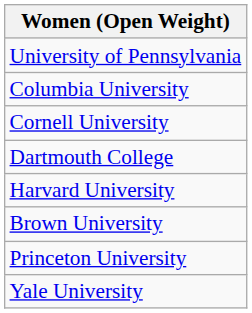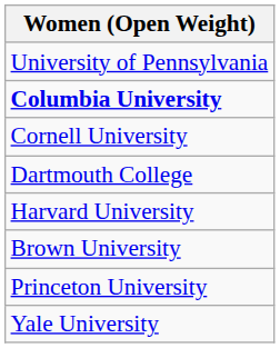 <table class="wikitable">
 <tr>
 <th>Women (Open Weight)</th>
 </tr>
 <tr>
 <td><a href='#'>University of Pennsylvania</a></td>
 </tr>
 <tr>
-<td><a href='#'>Columbia University</a></td>
+<td><strong><a href='#'>Columbia University</a></strong></td>
 </tr>
 <tr>
 <td><a href='#'>Cornell University</a></td>
 </tr>
 <tr>
 <td><a href='#'>Dartmouth College</a></td>
 </tr>
 <tr>
 <td><a href='#'>Harvard University</a></td>
 </tr>
 <tr>
 <td><a href='#'>Brown University</a></td>
 </tr>
 <tr>
 <td><a href='#'>Princeton University</a></td>
 </tr>
 <tr>
 <td><a href='#'>Yale University</a></td>
 </tr>
 </table>
